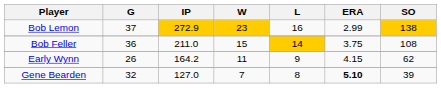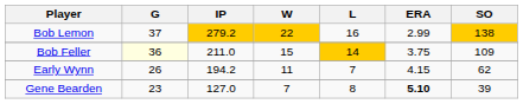 <table class="wikitable sortable">
 <tr>
 <th bgcolor="#DDDDFF" width="16%">Player</th>
 <th bgcolor="#DDDDFF" width="9%">G</th>
 <th bgcolor="#DDDDFF" width="9%">IP</th>
 <th bgcolor="#DDDDFF" width="9%">W</th>
 <th bgcolor="#DDDDFF" width="9%">L</th>
 <th bgcolor="#DDDDFF" width="9%">ERA</th>
 <th bgcolor="#DDDDFF" width="9%">SO</th>
 </tr>
 <tr align="center">
 <td><a href='#'>Bob Lemon</a></td>
 <td>37</td>
-<td style="background:#fc0;">272.9</td>
-<td style="background:#fc0;">23</td>
+<td style="background:#fc0;">279.2</td>
+<td style="background:#fc0;">22</td>
 <td>16</td>
 <td>2.99</td>
 <td style="background:#fc0;">138</td>
 </tr>
 <tr>
 </tr>
 <tr align="center">
 <td><a href='#'>Bob Feller</a></td>
-<td>36</td>
+<td style="background: lightyellow;">36</td>
 <td>211.0</td>
 <td>15</td>
 <td style="background:#fc0;">14</td>
 <td>3.75</td>
-<td>108</td>
+<td>109</td>
 </tr>
 <tr>
 </tr>
 <tr align="center">
 <td><a href='#'>Early Wynn</a></td>
 <td>26</td>
-<td>164.2</td>
+<td>194.2</td>
 <td>11</td>
-<td>9</td>
+<td>7</td>
 <td>4.15</td>
 <td>62</td>
 </tr>
 <tr>
 </tr>
 <tr align="center">
 <td><a href='#'>Gene Bearden</a></td>
-<td>32</td>
+<td>23</td>
 <td>127.0</td>
 <td>7</td>
 <td>8</td>
 <td><strong>5.10</strong></td>
 <td>39</td>
 </tr>
 </table>
